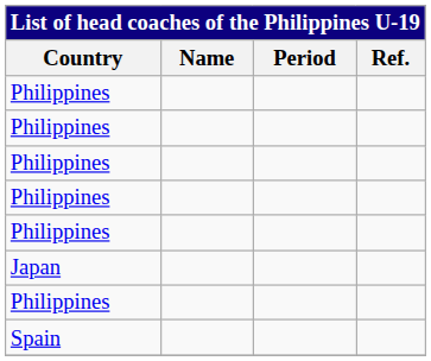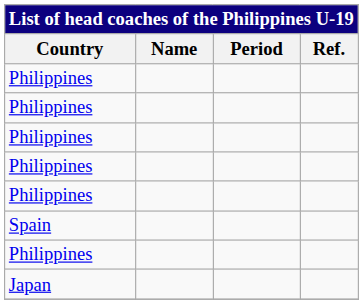 <table class="wikitable mw-collapsible ">
 <tr>
 <th colspan=4 style="background: #0C007F; color: #FFFFFF;">List of head coaches of the Philippines U-19</th>
 </tr>
 <tr>
 <th>Country</th>
 <th>Name</th>
 <th>Period</th>
 <th>Ref.</th>
 </tr>
 <tr>
 <td> <a href='#'>Philippines</a></td>
 <td></td>
 <td></td>
 <td></td>
 </tr>
 <tr>
 <td> <a href='#'>Philippines</a></td>
 <td></td>
 <td></td>
 <td></td>
 </tr>
 <tr>
 <td> <a href='#'>Philippines</a></td>
 <td></td>
 <td></td>
 <td></td>
 </tr>
 <tr>
 <td> <a href='#'>Philippines</a></td>
 <td></td>
 <td></td>
 <td></td>
 </tr>
 <tr>
 <td> <a href='#'>Philippines</a></td>
 <td></td>
 <td></td>
 <td></td>
 </tr>
 <tr>
-<td> <a href='#'>Japan</a></td>
+<td> <a href='#'>Spain</a></td>
 <td></td>
 <td></td>
 <td></td>
 </tr>
 <tr>
 <td> <a href='#'>Philippines</a></td>
 <td></td>
 <td></td>
 <td></td>
 </tr>
 <tr>
-<td> <a href='#'>Spain</a></td>
+<td> <a href='#'>Japan</a></td>
 <td></td>
 <td></td>
 <td></td>
 </tr>
 <tr>
 </tr>
 </table>
